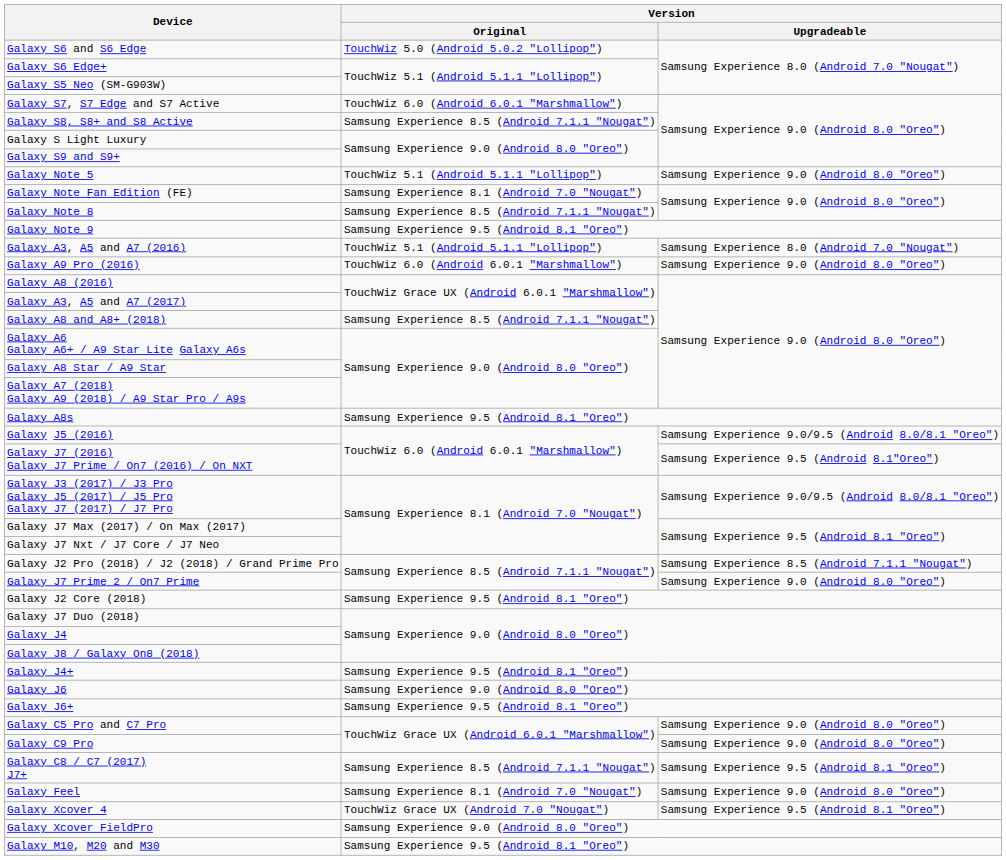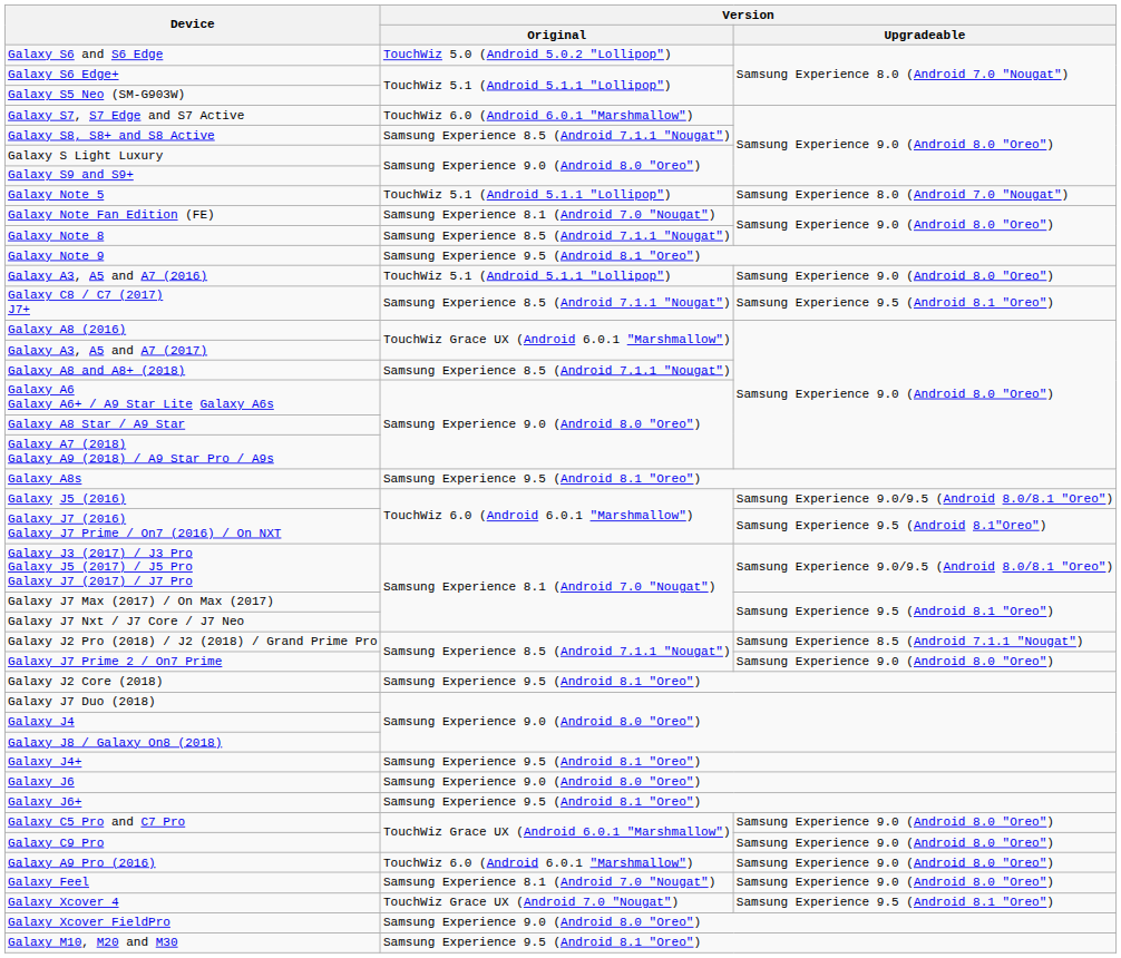 <table class="wikitable">
 <tr>
 <th rowspan="2">Device</th>
 <th colspan="2">Version</th>
 </tr>
 <tr>
 <th>Original</th>
 <th>Upgradeable</th>
 </tr>
 <tr>
 <td><a href='#'>Galaxy S6</a> and <a href='#'>S6 Edge</a></td>
 <td><a href='#'>TouchWiz</a> 5.0 (<a href='#'>Android 5.0.2 "Lollipop"</a>)</td>
 <td rowspan="3">Samsung Experience 8.0 (<a href='#'>Android 7.0 "Nougat"</a>)</td>
 </tr>
 <tr>
 <td><a href='#'>Galaxy S6 Edge+</a></td>
 <td rowspan="2">TouchWiz 5.1 (<a href='#'>Android 5.1.1 "Lollipop"</a>)</td>
 </tr>
 <tr>
 <td><a href='#'>Galaxy S5 Neo</a> (SM-G903W)</td>
 </tr>
 <tr>
 <td><a href='#'>Galaxy S7</a>, <a href='#'>S7 Edge</a> and S7 Active</td>
 <td>TouchWiz 6.0 (<a href='#'>Android 6.0.1 "Marshmallow"</a>)</td>
 <td rowspan="4">Samsung Experience 9.0 (<a href='#'>Android 8.0 "Oreo"</a>)</td>
 </tr>
 <tr>
 <td><a href='#'>Galaxy S8, S8+ and S8 Active</a></td>
 <td>Samsung Experience 8.5 (<a href='#'>Android 7.1.1 "Nougat"</a>)</td>
 </tr>
 <tr>
 <td>Galaxy S Light Luxury</td>
 <td rowspan="2">Samsung Experience 9.0 (<a href='#'>Android 8.0 "Oreo"</a>)</td>
 </tr>
 <tr>
 <td><a href='#'>Galaxy S9 and S9+</a></td>
 </tr>
 <tr>
 <td><a href='#'>Galaxy Note 5</a></td>
 <td>TouchWiz 5.1 (<a href='#'>Android 5.1.1 "Lollipop"</a>)</td>
-<td>Samsung Experience 9.0 (<a href='#'>Android 8.0 "Oreo"</a>)</td>
+<td>Samsung Experience 8.0 (<a href='#'>Android 7.0 "Nougat"</a>)</td>
 </tr>
 <tr>
 <td><a href='#'>Galaxy Note Fan Edition</a> (FE)</td>
 <td>Samsung Experience 8.1 (<a href='#'>Android 7.0 "Nougat"</a>)</td>
 <td rowspan="2">Samsung Experience 9.0 (<a href='#'>Android 8.0 "Oreo"</a>)</td>
 </tr>
 <tr>
 <td><a href='#'>Galaxy Note 8</a></td>
 <td>Samsung Experience 8.5 (<a href='#'>Android 7.1.1 "Nougat"</a>)</td>
 </tr>
 <tr>
 <td><a href='#'>Galaxy Note 9</a></td>
 <td colspan="2">Samsung Experience 9.5 (<a href='#'>Android 8.1 "Oreo"</a>)</td>
 </tr>
 <tr>
 <td><a href='#'>Galaxy A3</a>, <a href='#'>A5</a> and <a href='#'>A7 (2016)</a></td>
 <td>TouchWiz 5.1 (<a href='#'>Android 5.1.1 "Lollipop"</a>)</td>
-<td>Samsung Experience 8.0 (<a href='#'>Android 7.0 "Nougat"</a>)</td>
+<td>Samsung Experience 9.0 (<a href='#'>Android 8.0 "Oreo"</a>)</td>
 </tr>
 <tr>
-<td><a href='#'>Galaxy A9 Pro (2016)</a></td>
-<td>TouchWiz 6.0 (<a href='#'>Android</a> 6.0.1 <a href='#'>"Marshmallow"</a>)</td>
-<td>Samsung Experience 9.0 (<a href='#'>Android 8.0 "Oreo"</a>)</td>
+<td><a href='#'>Galaxy C8 / C7 (2017) <br> J7+</a></td>
+<td>Samsung Experience 8.5 (<a href='#'>Android 7.1.1 "Nougat"</a>)</td>
+<td>Samsung Experience 9.5 (<a href='#'>Android 8.1 "Oreo"</a>)</td>
 </tr>
 <tr>
 <td><a href='#'>Galaxy A8 (2016)</a></td>
 <td rowspan="2">TouchWiz Grace UX (<a href='#'>Android</a> 6.0.1 <a href='#'>"Marshmallow"</a>)</td>
 <td rowspan="6">Samsung Experience 9.0 (<a href='#'>Android 8.0 "Oreo"</a>)</td>
 </tr>
 <tr>
 <td><a href='#'>Galaxy A3</a>, <a href='#'>A5</a> and <a href='#'>A7 (2017)</a></td>
 </tr>
 <tr>
 <td><a href='#'>Galaxy A8 and A8+ (2018)</a></td>
 <td>Samsung Experience 8.5 (<a href='#'>Android 7.1.1 "Nougat"</a>)</td>
 </tr>
 <tr>
 <td><a href='#'>Galaxy A6</a><br><a href='#'>Galaxy A6+ / A9 Star Lite</a> <a href='#'>Galaxy A6s</a></td>
 <td rowspan="3">Samsung Experience 9.0 (<a href='#'>Android 8.0 "Oreo"</a>)</td>
 </tr>
 <tr>
 <td><a href='#'>Galaxy A8 Star / A9 Star</a></td>
 </tr>
 <tr>
 <td><a href='#'>Galaxy A7 (2018)</a><br><a href='#'>Galaxy A9 (2018) / A9 Star Pro / A9s</a></td>
 </tr>
 <tr>
 <td><a href='#'>Galaxy A8s</a></td>
 <td colspan="2">Samsung Experience 9.5 (<a href='#'>Android 8.1 "Oreo"</a>)</td>
 </tr>
 <tr>
 <td><a href='#'>Galaxy</a> <a href='#'>J5 (2016)</a></td>
 <td rowspan="2">TouchWiz 6.0 (<a href='#'>Android</a> 6.0.1 <a href='#'>"Marshmallow"</a>)</td>
 <td>Samsung Experience 9.0/9.5 (<a href='#'>Android</a> <a href='#'>8.0/8.1 "Oreo"</a>)</td>
 </tr>
 <tr>
 <td><a href='#'>Galaxy J7 (2016)</a> <br><a href='#'>Galaxy J7 Prime / On7 (2016) / On NXT</a></td>
 <td>Samsung Experience 9.5 (<a href='#'>Android</a> <a href='#'>8.1"Oreo"</a>)</td>
 </tr>
 <tr>
 <td><a href='#'>Galaxy J3 (2017) / J3 Pro</a> <br><a href='#'>Galaxy J5 (2017) / J5 Pro</a> <br><a href='#'>Galaxy J7 (2017) / J7 Pro</a></td>
 <td rowspan="3">Samsung Experience 8.1 (<a href='#'>Android 7.0 "Nougat"</a>)</td>
 <td>Samsung Experience 9.0/9.5 (<a href='#'>Android</a> <a href='#'>8.0/8.1 "Oreo"</a>)</td>
 </tr>
 <tr>
 <td>Galaxy J7 Max (2017) / On Max (2017)</td>
 <td rowspan="2">Samsung Experience 9.5 (<a href='#'>Android 8.1 "Oreo"</a>)</td>
 </tr>
 <tr>
 <td>Galaxy J7 Nxt / J7 Core / J7 Neo</td>
 </tr>
 <tr>
 <td>Galaxy J2 Pro (2018) / J2 (2018) / Grand Prime Pro</td>
 <td rowspan="2">Samsung Experience 8.5 (<a href='#'>Android 7.1.1 "Nougat"</a>)</td>
 <td>Samsung Experience 8.5 (<a href='#'>Android 7.1.1 "Nougat"</a>)</td>
 </tr>
 <tr>
 <td><a href='#'>Galaxy J7 Prime 2 / On7 Prime</a></td>
 <td>Samsung Experience 9.0 (<a href='#'>Android 8.0 "Oreo"</a>)</td>
 </tr>
 <tr>
 <td>Galaxy J2 Core (2018)</td>
 <td colspan="2">Samsung Experience 9.5 (<a href='#'>Android 8.1 "Oreo"</a>)</td>
 </tr>
 <tr>
 <td>Galaxy J7 Duo (2018)</td>
 <td colspan="2" rowspan="3">Samsung Experience 9.0 (<a href='#'>Android 8.0 "Oreo"</a>)</td>
 </tr>
 <tr>
 <td><a href='#'>Galaxy J4</a></td>
 </tr>
 <tr>
 <td><a href='#'>Galaxy J8 / Galaxy On8 (2018)</a></td>
 </tr>
 <tr>
 <td><a href='#'>Galaxy J4+</a></td>
 <td colspan="2">Samsung Experience 9.5 (<a href='#'>Android 8.1 "Oreo"</a>)</td>
 </tr>
 <tr>
 <td><a href='#'>Galaxy J6</a></td>
 <td colspan="2">Samsung Experience 9.0 (<a href='#'>Android 8.0 "Oreo"</a>)</td>
 </tr>
 <tr>
 <td><a href='#'>Galaxy J6+</a></td>
 <td colspan="2">Samsung Experience 9.5 (<a href='#'>Android 8.1 "Oreo"</a>)</td>
 </tr>
 <tr>
 <td><a href='#'>Galaxy C5 Pro</a> and <a href='#'>C7 Pro</a></td>
 <td rowspan="2">TouchWiz Grace UX (<a href='#'>Android 6.0.1 "Marshmallow"</a>)</td>
 <td>Samsung Experience 9.0 (<a href='#'>Android 8.0 "Oreo"</a>)</td>
 </tr>
 <tr>
 <td><a href='#'>Galaxy C9 Pro</a></td>
 <td>Samsung Experience 9.0 (<a href='#'>Android 8.0 "Oreo"</a>)</td>
 </tr>
 <tr>
-<td><a href='#'>Galaxy C8 / C7 (2017) <br> J7+</a></td>
-<td>Samsung Experience 8.5 (<a href='#'>Android 7.1.1 "Nougat"</a>)</td>
-<td>Samsung Experience 9.5 (<a href='#'>Android 8.1 "Oreo"</a>)</td>
+<td><a href='#'>Galaxy A9 Pro (2016)</a></td>
+<td>TouchWiz 6.0 (<a href='#'>Android</a> 6.0.1 <a href='#'>"Marshmallow"</a>)</td>
+<td>Samsung Experience 9.0 (<a href='#'>Android 8.0 "Oreo"</a>)</td>
 </tr>
 <tr>
 <td><a href='#'>Galaxy Feel</a></td>
 <td>Samsung Experience 8.1 (<a href='#'>Android 7.0 "Nougat"</a>)</td>
 <td>Samsung Experience 9.0 (<a href='#'>Android 8.0 "Oreo"</a>)</td>
 </tr>
 <tr>
 <td><a href='#'>Galaxy Xcover 4</a></td>
 <td>TouchWiz Grace UX (<a href='#'>Android 7.0 "Nougat"</a>)</td>
 <td>Samsung Experience 9.5 (<a href='#'>Android 8.1 "Oreo"</a>)</td>
 </tr>
 <tr>
 <td><a href='#'>Galaxy Xcover FieldPro</a></td>
 <td colspan="2">Samsung Experience 9.0 (<a href='#'>Android 8.0 "Oreo"</a>)</td>
 </tr>
 <tr>
 <td><a href='#'>Galaxy M10</a>, <a href='#'>M20</a> and <a href='#'>M30</a></td>
 <td colspan="2">Samsung Experience 9.5 (<a href='#'>Android 8.1 "Oreo"</a>)</td>
 </tr>
 </table>
